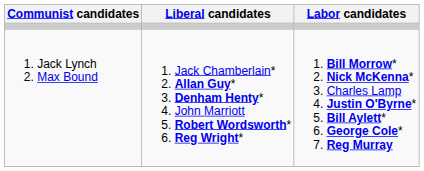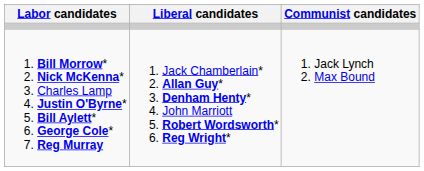 <table class="wikitable">
 <tr>
+<th><a href='#'>Labor</a> candidates</th>
+<th><a href='#'>Liberal</a> candidates</th>
 <th><a href='#'>Communist</a> candidates</th>
-<th><a href='#'>Liberal</a> candidates</th>
-<th><a href='#'>Labor</a> candidates</th>
 </tr>
 <tr bgcolor="#cccccc">
 <td></td>
 <td></td>
 <td></td>
 </tr>
 <tr>
+<td><br><ol><li><strong><a href='#'>Bill Morrow</a></strong>*</li><li><strong><a href='#'>Nick McKenna</a></strong>*</li><li><a href='#'>Charles Lamp</a></li><li><strong><a href='#'>Justin O'Byrne</a></strong>*</li><li><strong><a href='#'>Bill Aylett</a></strong>*</li><li><strong><a href='#'>George Cole</a></strong>*</li><li><strong><a href='#'>Reg Murray</a></strong></li></ol></td>
+<td><br><ol><li><a href='#'>Jack Chamberlain</a>*</li><li><strong><a href='#'>Allan Guy</a></strong>*</li><li><strong><a href='#'>Denham Henty</a></strong>*</li><li><a href='#'>John Marriott</a></li><li><strong><a href='#'>Robert Wordsworth</a></strong>*</li><li><strong><a href='#'>Reg Wright</a></strong>*</li></ol></td>
 <td valign=top><br><ol><li>Jack Lynch</li><li><a href='#'>Max Bound</a></li></ol></td>
-<td><br><ol><li><a href='#'>Jack Chamberlain</a>*</li><li><strong><a href='#'>Allan Guy</a></strong>*</li><li><strong><a href='#'>Denham Henty</a></strong>*</li><li><a href='#'>John Marriott</a></li><li><strong><a href='#'>Robert Wordsworth</a></strong>*</li><li><strong><a href='#'>Reg Wright</a></strong>*</li></ol></td>
-<td><br><ol><li><strong><a href='#'>Bill Morrow</a></strong>*</li><li><strong><a href='#'>Nick McKenna</a></strong>*</li><li><a href='#'>Charles Lamp</a></li><li><strong><a href='#'>Justin O'Byrne</a></strong>*</li><li><strong><a href='#'>Bill Aylett</a></strong>*</li><li><strong><a href='#'>George Cole</a></strong>*</li><li><strong><a href='#'>Reg Murray</a></strong></li></ol></td>
 </tr>
 </table>
